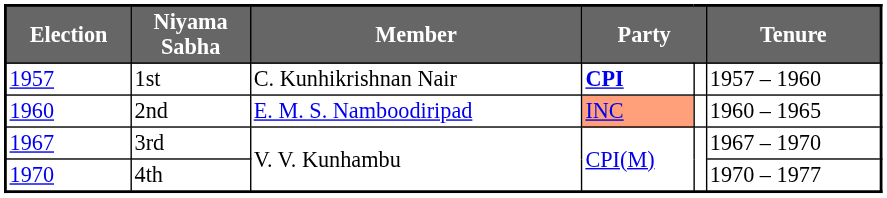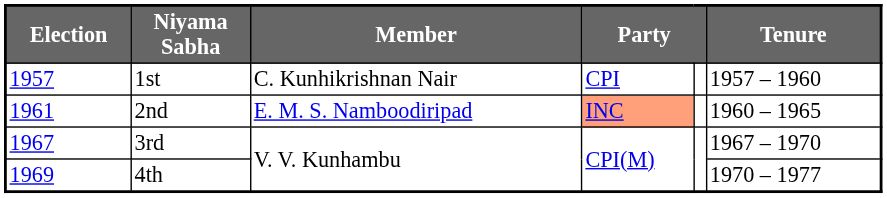 <table class="sortable" width="50%" cellpadding="2" cellspacing="0" border="1" style="border-collapse: collapse; border: 2px #000000 solid; font-size: x-big;">
 <tr>
 <th style="background-color:#666666; color:white">Election</th>
 <th style="background-color:#666666; color:white">Niyama<br>Sabha</th>
 <th style="background-color:#666666; color:white">Member</th>
 <th style="background-color:#666666; color:white" colspan="2">Party</th>
 <th style="background-color:#666666; color:white">Tenure</th>
 </tr>
 <tr>
 <td><a href='#'>1957</a></td>
 <td>1st</td>
 <td>C. Kunhikrishnan Nair</td>
-<td><strong><a href='#'>CPI</a></strong></td>
+<td><a href='#'>CPI</a></td>
 <td width="4px" style="background-color: "></td>
 <td>1957 – 1960</td>
 </tr>
 <tr>
-<td><a href='#'>1960</a></td>
+<td><a href='#'>1961</a></td>
 <td>2nd</td>
 <td><a href='#'>E. M. S. Namboodiripad</a></td>
 <td style="background: lightsalmon;"><a href='#'>INC</a></td>
 <td width="4px" style="background-color: "></td>
 <td>1960 – 1965</td>
 </tr>
 <tr>
 <td><a href='#'>1967</a></td>
 <td>3rd</td>
 <td rowspan="2">V. V. Kunhambu</td>
 <td rowspan="2"><a href='#'>CPI(M)</a></td>
 <td rowspan="2" width="4px" style="background-color: "></td>
 <td>1967 – 1970</td>
 </tr>
 <tr>
-<td><a href='#'>1970</a></td>
+<td><a href='#'>1969</a></td>
 <td>4th</td>
 <td>1970 – 1977</td>
 </tr>
 </table>
